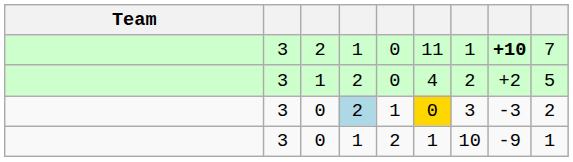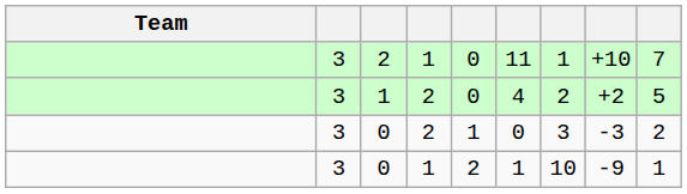 <table class="wikitable" style="text-align:center;">
 <tr>
 <th width="175">Team</th>
 <th width="20"></th>
 <th width="20"></th>
 <th width="20"></th>
 <th width="20"></th>
 <th width="20"></th>
 <th width="20"></th>
 <th width="20"></th>
 <th width="20"></th>
 </tr>
 <tr bgcolor="#ccffcc">
 <td style="text-align:left;"></td>
 <td>3</td>
 <td>2</td>
 <td>1</td>
 <td>0</td>
 <td>11</td>
 <td>1</td>
-<td><strong>+10</strong></td>
+<td>+10</td>
 <td>7</td>
 </tr>
 <tr bgcolor="#ccffcc">
 <td style="text-align:left;"></td>
 <td>3</td>
 <td>1</td>
 <td>2</td>
 <td>0</td>
 <td>4</td>
 <td>2</td>
 <td>+2</td>
 <td>5</td>
 </tr>
 <tr>
 <td style="text-align:left;"></td>
 <td>3</td>
 <td>0</td>
-<td style="background: lightblue;">2</td>
+<td>2</td>
 <td>1</td>
-<td style="background: gold;">0</td>
+<td>0</td>
 <td>3</td>
 <td>-3</td>
 <td>2</td>
 </tr>
 <tr>
 <td style="text-align:left;"></td>
 <td>3</td>
 <td>0</td>
 <td>1</td>
 <td>2</td>
 <td>1</td>
 <td>10</td>
 <td>-9</td>
 <td>1</td>
 </tr>
 </table>
